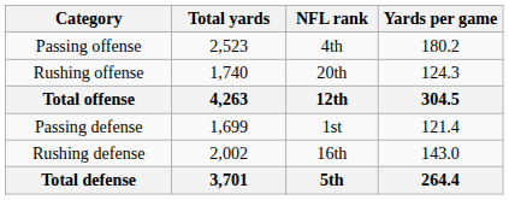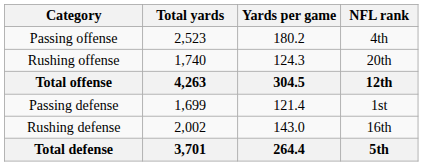 <table class="wikitable" style="text-align:center">
 <tr>
 <th width=150px>Category</th>
 <th width=100px>Total yards</th>
+<th width=110px>Yards per game</th>
 <th width=80px>NFL rank<br></th>
-<th width=110px>Yards per game</th>
 </tr>
 <tr>
 <td>Passing offense</td>
 <td>2,523</td>
+<td>180.2</td>
 <td>4th</td>
-<td>180.2</td>
 </tr>
 <tr>
 <td>Rushing offense</td>
 <td>1,740</td>
+<td>124.3</td>
 <td>20th</td>
-<td>124.3</td>
 </tr>
 <tr>
 <th>Total offense</th>
 <th>4,263</th>
+<th>304.5</th>
 <th>12th</th>
-<th>304.5</th>
 </tr>
 <tr>
 <td>Passing defense</td>
 <td>1,699</td>
+<td>121.4</td>
 <td>1st</td>
-<td>121.4</td>
 </tr>
 <tr>
 <td>Rushing defense</td>
 <td>2,002</td>
+<td>143.0</td>
 <td>16th</td>
-<td>143.0</td>
 </tr>
 <tr>
 <th>Total defense</th>
 <th>3,701</th>
+<th>264.4</th>
 <th>5th</th>
-<th>264.4</th>
 </tr>
 </table>
